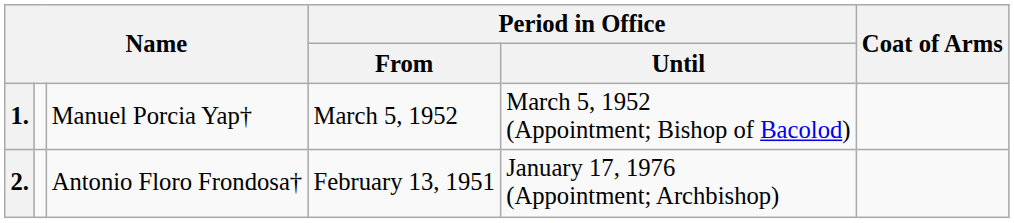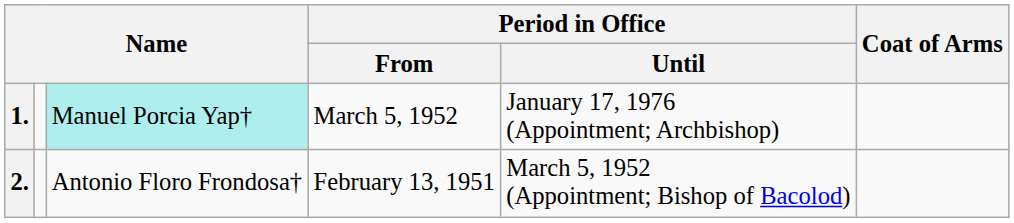 <table class="wikitable">
 <tr>
 <th colspan="3" rowspan="2">Name</th>
 <th colspan="2">Period in Office</th>
 <th rowspan="2">Coat of Arms</th>
 </tr>
 <tr>
 <th>From</th>
 <th>Until</th>
 </tr>
 <tr>
 <th>1.</th>
 <td></td>
-<td>Manuel Porcia Yap†</td>
+<td style="background: paleturquoise;">Manuel Porcia Yap†</td>
 <td>March 5, 1952</td>
-<td>March 5, 1952<br>(Appointment; Bishop of <a href='#'>Bacolod</a>)</td>
+<td>January 17, 1976<br>(Appointment; Archbishop)</td>
 <td></td>
 </tr>
 <tr>
 <th>2.</th>
 <td></td>
 <td>Antonio Floro Frondosa†</td>
 <td>February 13, 1951</td>
-<td>January 17, 1976<br>(Appointment; Archbishop)</td>
+<td>March 5, 1952<br>(Appointment; Bishop of <a href='#'>Bacolod</a>)</td>
 <td></td>
 </tr>
 </table>
